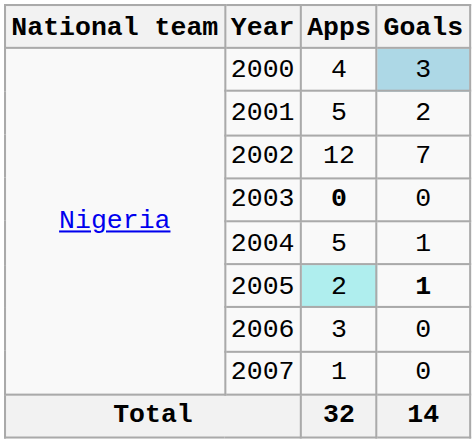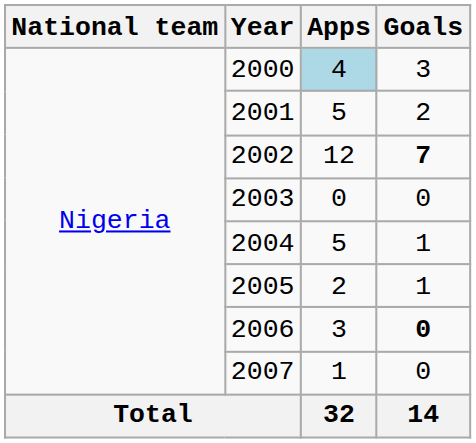 <table class="wikitable" style="text-align:center">
 <tr>
 <th>National team</th>
 <th>Year</th>
 <th>Apps</th>
 <th>Goals</th>
 </tr>
 <tr>
 <td rowspan="8"><a href='#'>Nigeria</a></td>
 <td>2000</td>
-<td>4</td>
-<td style="background: lightblue;">3</td>
+<td style="background: lightblue;">4</td>
+<td>3</td>
 </tr>
 <tr>
 <td>2001</td>
 <td>5</td>
 <td>2</td>
 </tr>
 <tr>
 <td>2002</td>
 <td>12</td>
-<td>7</td>
+<td><strong>7</strong></td>
 </tr>
 <tr>
 <td>2003</td>
-<td><strong>0</strong></td>
+<td>0</td>
 <td>0</td>
 </tr>
 <tr>
 <td>2004</td>
 <td>5</td>
 <td>1</td>
 </tr>
 <tr>
 <td>2005</td>
-<td style="background: paleturquoise;">2</td>
-<td><strong>1</strong></td>
+<td>2</td>
+<td>1</td>
 </tr>
 <tr>
 <td>2006</td>
 <td>3</td>
-<td>0</td>
+<td><strong>0</strong></td>
 </tr>
 <tr>
 <td>2007</td>
 <td>1</td>
 <td>0</td>
 </tr>
 <tr>
 <th colspan="2">Total</th>
 <th>32</th>
 <th>14</th>
 </tr>
 </table>
